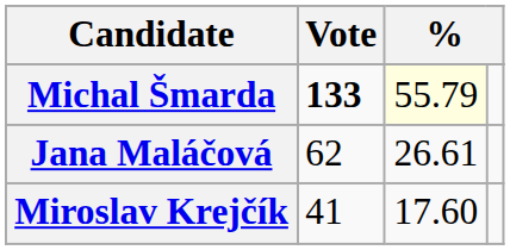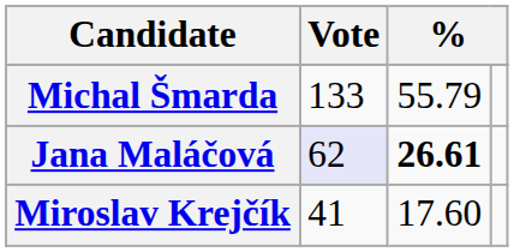 <table class="wikitable">
 <tr>
 <th>Candidate</th>
 <th>Vote</th>
 <th colspan=3>%</th>
 </tr>
 <tr>
 </tr>
 <tr>
 <th><a href='#'>Michal Šmarda</a></th>
-<td><strong>133</strong></td>
-<td style="background: lightyellow;">55.79</td>
+<td>133</td>
+<td>55.79</td>
 <td></td>
 </tr>
 <tr>
 <th><a href='#'>Jana Maláčová</a></th>
-<td>62</td>
-<td>26.61</td>
+<td style="background: lavender;">62</td>
+<td><strong>26.61</strong></td>
 <td></td>
 </tr>
 <tr>
 <th><a href='#'>Miroslav Krejčík</a></th>
 <td>41</td>
 <td>17.60</td>
 <td></td>
 </tr>
 </table>
